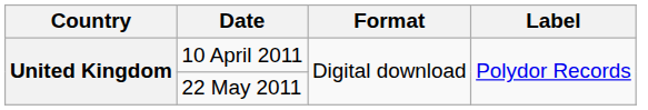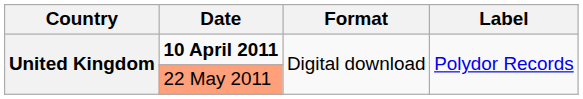 <table class="wikitable plainrowheaders">
 <tr>
 <th scope="col">Country</th>
 <th scope="col">Date</th>
 <th scope="col">Format</th>
 <th scope="col">Label</th>
 </tr>
 <tr>
 <th scope="row" rowspan="2">United Kingdom</th>
-<td>10 April 2011</td>
+<td><strong>10 April 2011</strong></td>
 <td rowspan="2">Digital download</td>
 <td rowspan="2"><a href='#'>Polydor Records</a></td>
 </tr>
 <tr>
-<td>22 May 2011</td>
+<td style="background: lightsalmon;">22 May 2011</td>
 </tr>
 </table>
